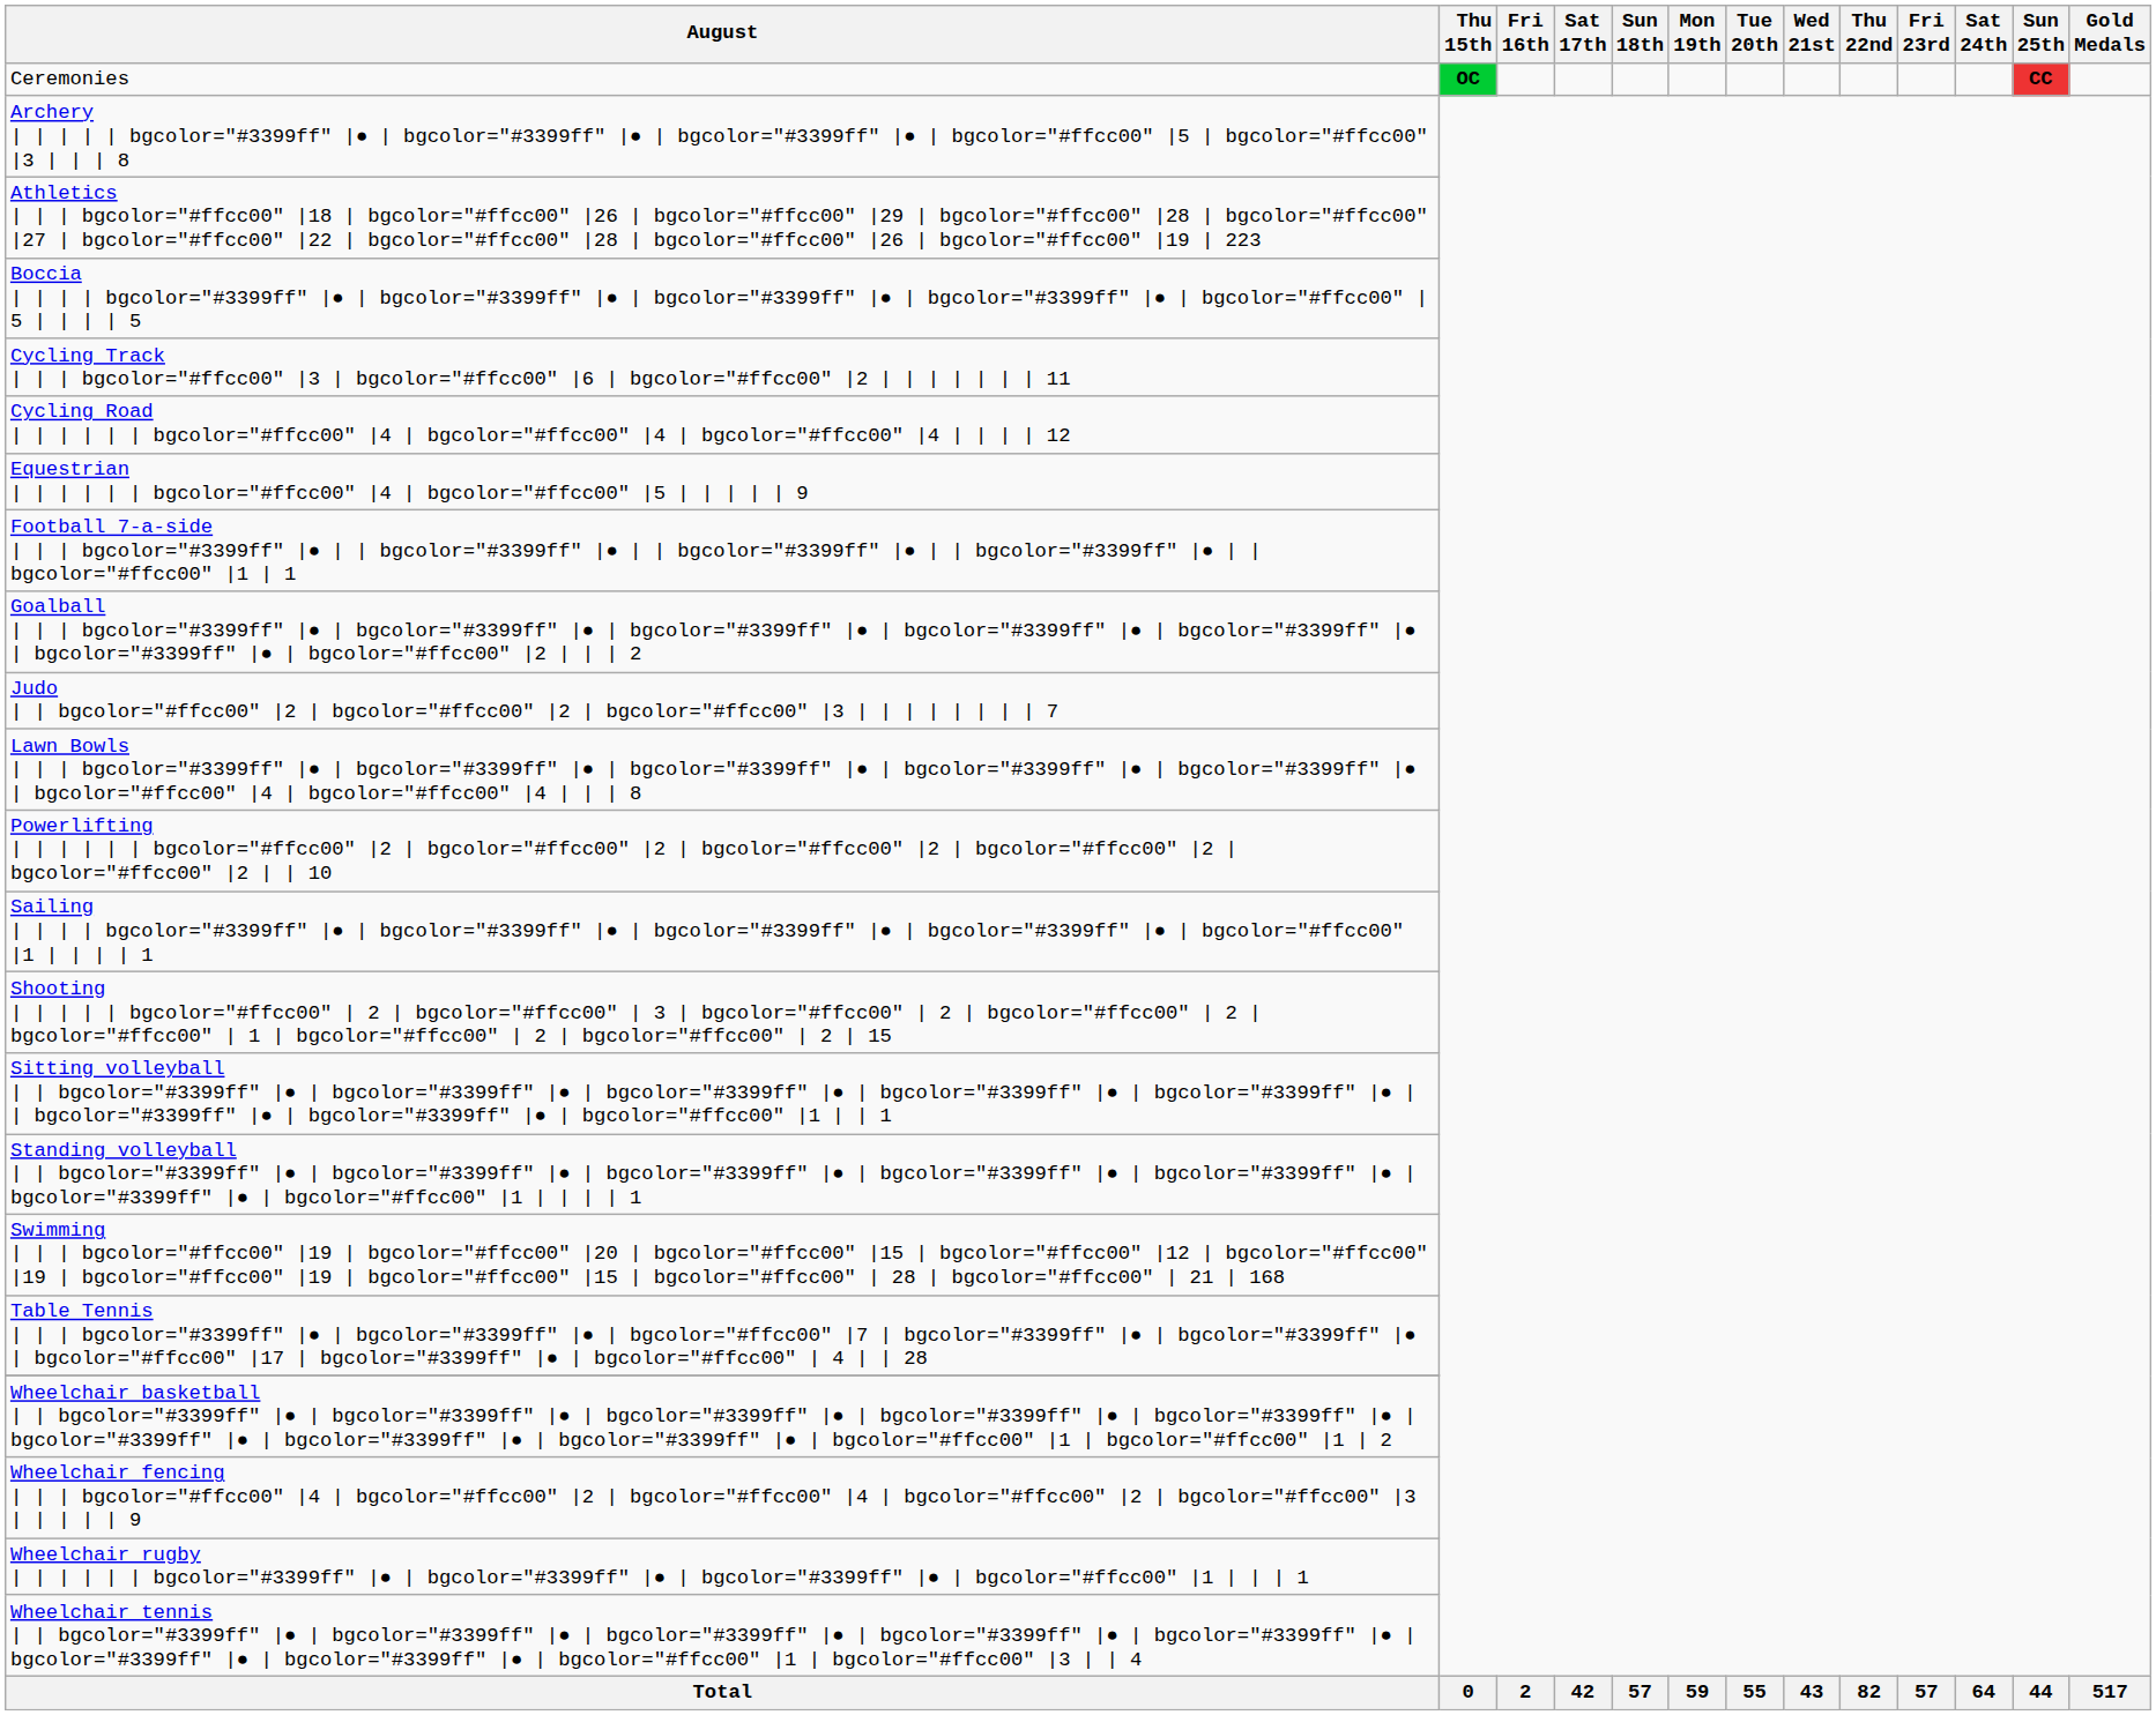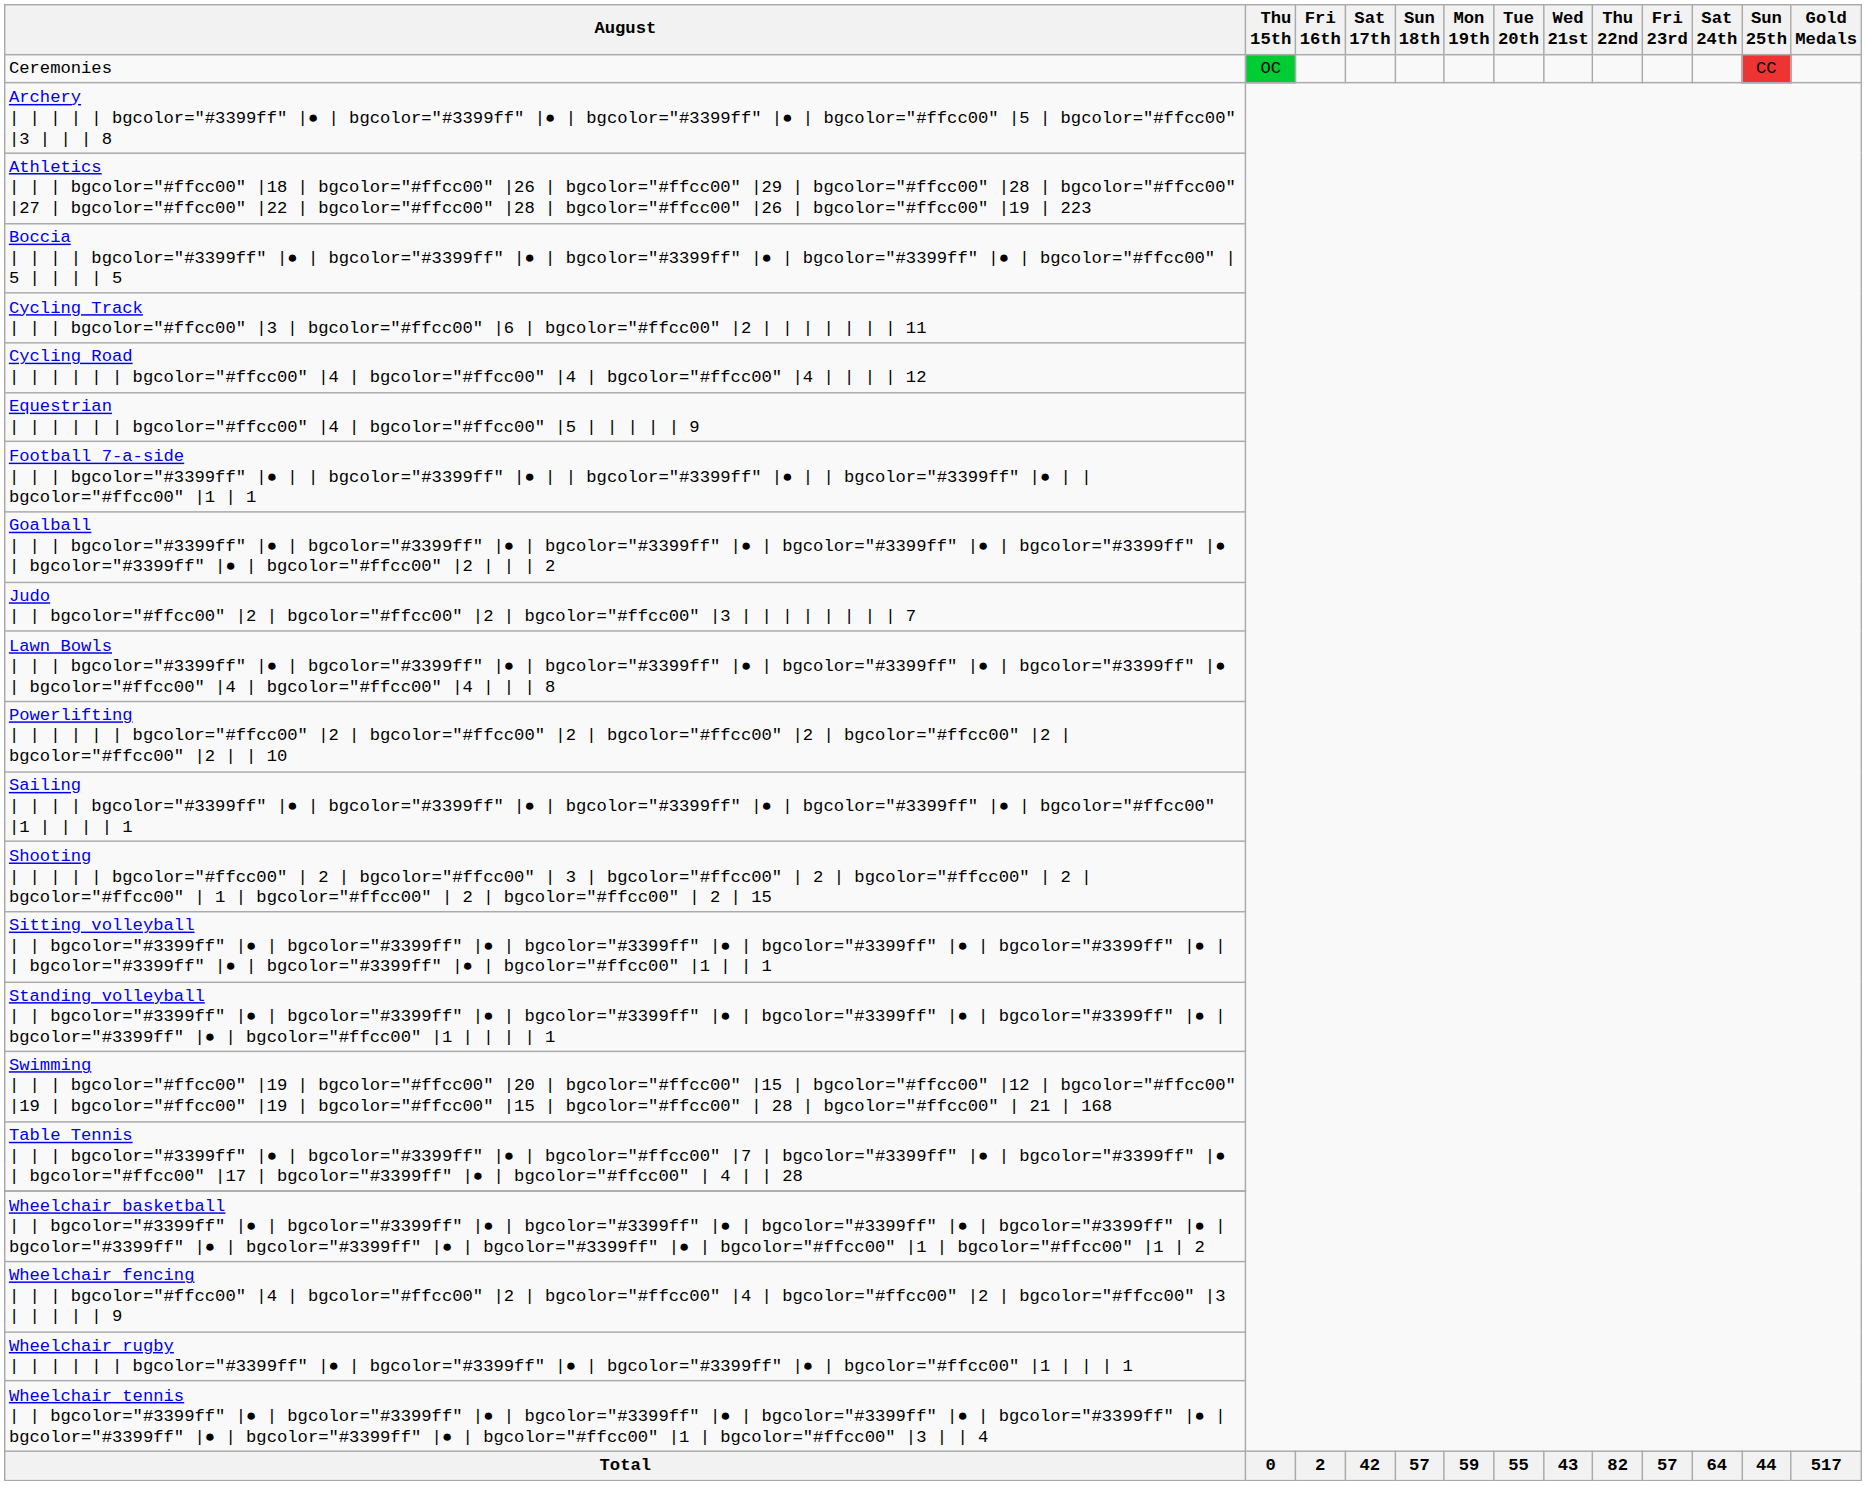 <table class="wikitable" style="margin:0.5em auto;font-size:90%;">
 <tr>
 <th>August</th>
 <th> Thu<br>15th</th>
 <th>Fri<br>16th</th>
 <th>Sat<br>17th</th>
 <th>Sun<br>18th</th>
 <th>Mon<br>19th</th>
 <th>Tue<br>20th</th>
 <th>Wed<br>21st</th>
 <th>Thu<br>22nd</th>
 <th>Fri<br>23rd</th>
 <th>Sat<br>24th</th>
 <th>Sun<br>25th</th>
 <th>Gold<br>Medals</th>
 </tr>
 <tr align="center">
 <td style="text-align:left;">Ceremonies</td>
-<td bgcolor="#00cc33"><strong>OC</strong></td>
+<td bgcolor="#00cc33">OC</td>
 <td></td>
 <td></td>
 <td></td>
 <td></td>
 <td></td>
 <td></td>
 <td></td>
 <td></td>
 <td></td>
-<td bgcolor="#ee3333"><strong>CC</strong></td>
+<td bgcolor="#ee3333">CC</td>
 <td></td>
 </tr>
 <tr align="center">
 <td style="text-align:left;"><a href='#'>Archery</a><br>| | | | | bgcolor="#3399ff" |● | bgcolor="#3399ff" |● | bgcolor="#3399ff" |● | bgcolor="#ffcc00" |5 | bgcolor="#ffcc00" |3 | | | 8</td>
 </tr>
 <tr align="center">
 <td style="text-align:left;"><a href='#'>Athletics</a><br>| | | bgcolor="#ffcc00" |18  | bgcolor="#ffcc00" |26 | bgcolor="#ffcc00" |29  | bgcolor="#ffcc00" |28 | bgcolor="#ffcc00" |27 | bgcolor="#ffcc00" |22 | bgcolor="#ffcc00" |28 | bgcolor="#ffcc00" |26 | bgcolor="#ffcc00" |19 | 223</td>
 </tr>
 <tr align="center">
 <td style="text-align:left;"><a href='#'>Boccia</a><br>| | | | bgcolor="#3399ff" |● | bgcolor="#3399ff" |● | bgcolor="#3399ff" |● | bgcolor="#3399ff" |● | bgcolor="#ffcc00" | 5  | | | | 5</td>
 </tr>
 <tr align="center">
 <td style="text-align:left;"><a href='#'>Cycling Track</a><br>| | | bgcolor="#ffcc00" |3  | bgcolor="#ffcc00" |6 | bgcolor="#ffcc00" |2 | | | | | | | 11</td>
 </tr>
 <tr align="center">
 <td style="text-align:left;"><a href='#'>Cycling Road</a><br>| | | | | | bgcolor="#ffcc00" |4 | bgcolor="#ffcc00" |4  | bgcolor="#ffcc00" |4 | | | | 12</td>
 </tr>
 <tr align="center">
 <td style="text-align:left;"><a href='#'>Equestrian</a><br>| | |  |  |  | bgcolor="#ffcc00" |4  | bgcolor="#ffcc00" |5  |  | | | | 9</td>
 </tr>
 <tr align="center">
 <td style="text-align:left;"><a href='#'>Football 7-a-side</a><br>| | | bgcolor="#3399ff" |● |  | bgcolor="#3399ff" |● |  | bgcolor="#3399ff" |● |  | bgcolor="#3399ff" |●  | | bgcolor="#ffcc00" |1  | 1</td>
 </tr>
 <tr align="center">
 <td style="text-align:left;"><a href='#'>Goalball</a><br>| | | bgcolor="#3399ff" |● | bgcolor="#3399ff" |● | bgcolor="#3399ff" |● | bgcolor="#3399ff" |● | bgcolor="#3399ff" |● | bgcolor="#3399ff" |● | bgcolor="#ffcc00" |2  | |  | 2</td>
 </tr>
 <tr align="center">
 <td style="text-align:left;"><a href='#'>Judo</a><br>| | bgcolor="#ffcc00" |2 | bgcolor="#ffcc00" |2  | bgcolor="#ffcc00" |3 | |  | | | | |  | 7</td>
 </tr>
 <tr align="center">
 <td style="text-align:left;"><a href='#'>Lawn Bowls</a><br>| | | bgcolor="#3399ff" |● | bgcolor="#3399ff" |● | bgcolor="#3399ff" |● | bgcolor="#3399ff" |● | bgcolor="#3399ff" |● | bgcolor="#ffcc00" |4  | bgcolor="#ffcc00" |4  | |  | 8</td>
 </tr>
 <tr align="center">
 <td style="text-align:left;"><a href='#'>Powerlifting</a><br>| | | | |  | bgcolor="#ffcc00" |2  | bgcolor="#ffcc00" |2  | bgcolor="#ffcc00" |2  | bgcolor="#ffcc00" |2  | bgcolor="#ffcc00" |2 |  | 10</td>
 </tr>
 <tr align="center">
 <td style="text-align:left;"><a href='#'>Sailing</a><br>| | | | bgcolor="#3399ff" |●  | bgcolor="#3399ff" |● | bgcolor="#3399ff" |● | bgcolor="#3399ff" |● | bgcolor="#ffcc00" |1  |  |  |  | 1</td>
 </tr>
 <tr align="center">
 <td style="text-align:left;"><a href='#'>Shooting</a><br>| | | | | bgcolor="#ffcc00" | 2  | bgcolor="#ffcc00" | 3  | bgcolor="#ffcc00" | 2  | bgcolor="#ffcc00" | 2  | bgcolor="#ffcc00" | 1  | bgcolor="#ffcc00" | 2  | bgcolor="#ffcc00" | 2 | 15</td>
 </tr>
 <tr align="center">
 <td style="text-align:left;"><a href='#'>Sitting volleyball</a><br>| | bgcolor="#3399ff" |● | bgcolor="#3399ff" |● | bgcolor="#3399ff" |●  | bgcolor="#3399ff" |●  | bgcolor="#3399ff" |● |  | bgcolor="#3399ff" |● | bgcolor="#3399ff" |● | bgcolor="#ffcc00" |1 |  | 1</td>
 </tr>
 <tr align="center">
 <td style="text-align:left;"><a href='#'>Standing volleyball</a><br>| | bgcolor="#3399ff" |● | bgcolor="#3399ff" |● | bgcolor="#3399ff" |●  | bgcolor="#3399ff" |●  | bgcolor="#3399ff" |● | bgcolor="#3399ff" |●  | bgcolor="#ffcc00" |1  | | |  | 1</td>
 </tr>
 <tr align="center">
 <td style="text-align:left;"><a href='#'>Swimming</a><br>| | | bgcolor="#ffcc00" |19 | bgcolor="#ffcc00" |20 | bgcolor="#ffcc00" |15 | bgcolor="#ffcc00" |12 | bgcolor="#ffcc00" |19  | bgcolor="#ffcc00" |19  | bgcolor="#ffcc00" |15 | bgcolor="#ffcc00" | 28 | bgcolor="#ffcc00" | 21 | 168</td>
 </tr>
 <tr align="center">
 <td style="text-align:left;"><a href='#'>Table Tennis</a><br>| |   | bgcolor="#3399ff" |●  | bgcolor="#3399ff" |●  | bgcolor="#ffcc00" |7 | bgcolor="#3399ff" |●  | bgcolor="#3399ff" |●  | bgcolor="#ffcc00" |17 |  bgcolor="#3399ff" |●  | bgcolor="#ffcc00" | 4 |   | 28</td>
 </tr>
 <tr align="center">
 </tr>
 <tr align="center">
 <td style="text-align:left;"><a href='#'>Wheelchair basketball</a><br>| | bgcolor="#3399ff" |● | bgcolor="#3399ff" |● | bgcolor="#3399ff" |●  | bgcolor="#3399ff" |●  | bgcolor="#3399ff" |● | bgcolor="#3399ff" |● | bgcolor="#3399ff" |● | bgcolor="#3399ff" |● | bgcolor="#ffcc00" |1 | bgcolor="#ffcc00" |1  | 2</td>
 </tr>
 <tr align="center">
 <td style="text-align:left;"><a href='#'>Wheelchair fencing</a><br>| |   | bgcolor="#ffcc00" |4 | bgcolor="#ffcc00" |2 | bgcolor="#ffcc00" |4 | bgcolor="#ffcc00" |2 | bgcolor="#ffcc00" |3 |  |   |  |   | 9</td>
 </tr>
 <tr align="center">
 <td style="text-align:left;"><a href='#'>Wheelchair rugby</a><br>| | | |  |  | bgcolor="#3399ff" |●  | bgcolor="#3399ff" |●  | bgcolor="#3399ff" |● | bgcolor="#ffcc00" |1 | | | 1</td>
 </tr>
 <tr align="center">
 <td style="text-align:left;"><a href='#'>Wheelchair tennis</a><br>| | bgcolor="#3399ff" |● | bgcolor="#3399ff" |● | bgcolor="#3399ff" |●  | bgcolor="#3399ff" |●  | bgcolor="#3399ff" |●  | bgcolor="#3399ff" |●  | bgcolor="#3399ff" |● | bgcolor="#ffcc00" |1 | bgcolor="#ffcc00" |3 | | 4</td>
 </tr>
 <tr align="center">
 <th><strong>Total</strong></th>
 <th>0</th>
 <th>2</th>
 <th>42</th>
 <th>57</th>
 <th>59</th>
 <th>55</th>
 <th>43</th>
 <th>82</th>
 <th>57</th>
 <th>64</th>
 <th>44</th>
 <th>517</th>
 </tr>
 </table>
